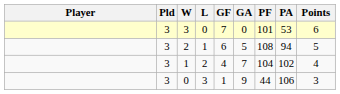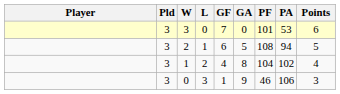 <table class=wikitable style="text-align:center;">
 <tr>
 <th width=220>Player</th>
 <th width=20>Pld</th>
 <th width=20>W</th>
 <th width=20>L</th>
 <th width=20>GF</th>
 <th width=20>GA</th>
 <th width=20>PF</th>
 <th width=20>PA</th>
 <th width=50>Points</th>
 </tr>
 <tr bgcolor=#ffffcc>
 <td style="text-align:left;"></td>
 <td>3</td>
 <td>3</td>
 <td>0</td>
 <td>7</td>
 <td>0</td>
 <td>101</td>
 <td>53</td>
 <td>6</td>
 </tr>
 <tr>
 <td style="text-align:left;"></td>
 <td>3</td>
 <td>2</td>
 <td>1</td>
 <td>6</td>
 <td>5</td>
 <td>108</td>
 <td>94</td>
 <td>5</td>
 </tr>
 <tr>
 <td style="text-align:left;"></td>
 <td>3</td>
 <td>1</td>
 <td>2</td>
 <td>4</td>
-<td>7</td>
+<td>8</td>
 <td>104</td>
 <td>102</td>
 <td>4</td>
 </tr>
 <tr>
 <td style="text-align:left;"></td>
 <td>3</td>
 <td>0</td>
 <td>3</td>
 <td>1</td>
 <td>9</td>
-<td>44</td>
+<td>46</td>
 <td>106</td>
 <td>3</td>
 </tr>
 </table>
